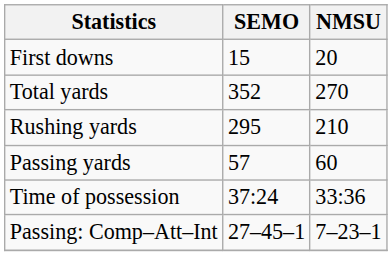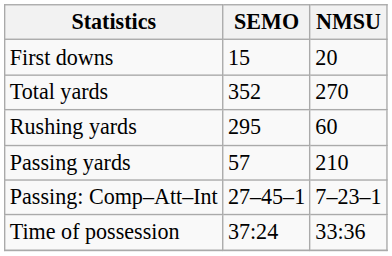 <table class="wikitable" style="float: left;">
 <tr>
 <th>Statistics</th>
 <th>SEMO</th>
 <th>NMSU</th>
 </tr>
 <tr>
 <td>First downs</td>
 <td>15</td>
 <td>20</td>
 </tr>
 <tr>
 <td>Total yards</td>
 <td>352</td>
 <td>270</td>
 </tr>
 <tr>
 <td>Rushing yards</td>
 <td>295</td>
-<td>210</td>
+<td>60</td>
 </tr>
 <tr>
 <td>Passing yards</td>
 <td>57</td>
-<td>60</td>
+<td>210</td>
+</tr>
+<tr>
+<td>Passing: Comp–Att–Int</td>
+<td>27–45–1</td>
+<td>7–23–1</td>
 </tr>
 <tr>
 <td>Time of possession</td>
 <td>37:24</td>
 <td>33:36</td>
 </tr>
 <tr>
-<td>Passing: Comp–Att–Int</td>
-<td>27–45–1</td>
-<td>7–23–1</td>
-</tr>
-<tr>
 </tr>
 </table>
